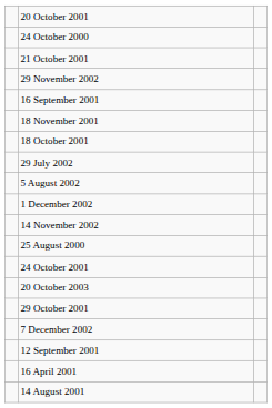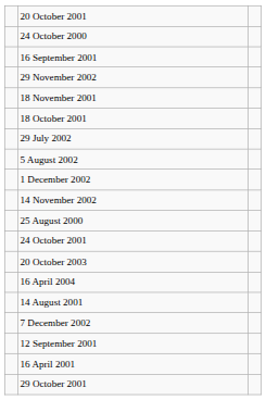 <table class="wikitable" style="font-size: 89%; float: left; width: 26em; margin-right: 1em; height: 560px;">
 <tr>
 <td></td>
 <td>20 October 2001</td>
 <td></td>
 </tr>
 <tr>
 <td></td>
 <td>24 October 2000</td>
 <td></td>
 </tr>
 <tr>
 <td></td>
-<td>21 October 2001</td>
+<td>16 September 2001</td>
 <td></td>
 </tr>
 <tr>
 <td></td>
 <td>29 November 2002</td>
-<td></td>
-</tr>
-<tr>
-<td></td>
-<td>16 September 2001</td>
 <td></td>
 </tr>
 <tr>
 <td></td>
 <td>18 November 2001</td>
 <td></td>
 </tr>
 <tr>
 <td></td>
 <td>18 October 2001</td>
 <td></td>
 </tr>
 <tr>
 <td></td>
 <td>29 July 2002</td>
 <td></td>
 </tr>
 <tr>
 <td></td>
 <td>5 August 2002</td>
 <td></td>
 </tr>
 <tr>
 <td></td>
 <td>1 December 2002</td>
 <td></td>
 </tr>
 <tr>
 <td></td>
 <td>14 November 2002</td>
 <td></td>
 </tr>
 <tr>
 <td></td>
 <td>25 August 2000</td>
 <td></td>
 </tr>
 <tr>
 <td></td>
 <td>24 October 2001</td>
 <td></td>
 </tr>
 <tr>
 <td></td>
 <td>20 October 2003</td>
 <td></td>
 </tr>
 <tr>
 <td></td>
-<td>29 October 2001</td>
+<td>16 April 2004</td>
+<td></td>
+</tr>
+<tr>
+<td></td>
+<td>14 August 2001</td>
 <td></td>
 </tr>
 <tr>
 <td></td>
 <td>7 December 2002</td>
 <td></td>
 </tr>
 <tr>
 <td></td>
 <td>12 September 2001</td>
 <td></td>
 </tr>
 <tr>
 <td></td>
 <td>16 April 2001</td>
 <td></td>
 </tr>
 <tr>
 <td></td>
-<td>14 August 2001</td>
+<td>29 October 2001</td>
 <td></td>
 </tr>
 </table>
